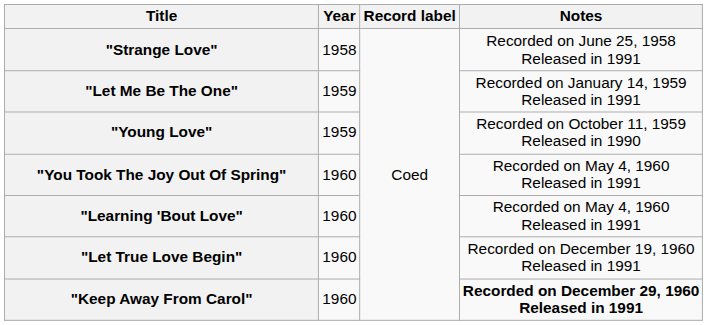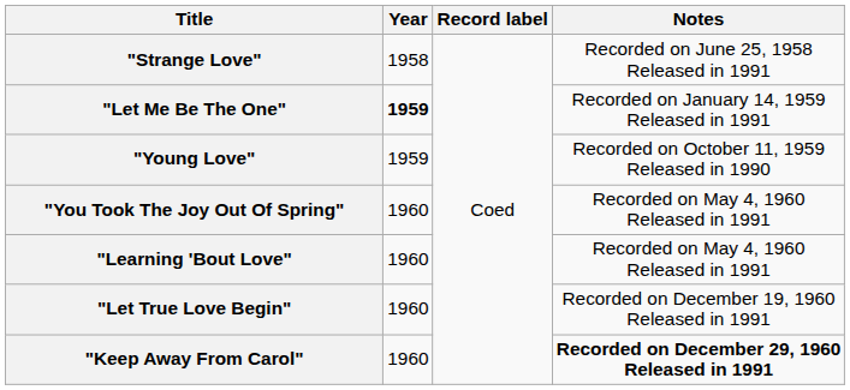 <table class="wikitable plainrowheaders" style="text-align:center;">
 <tr>
 <th scope="col" style="width:20em;">Title</th>
 <th scope="col">Year</th>
 <th scope="col">Record label</th>
 <th scope="col">Notes</th>
 </tr>
 <tr>
 <th scope="row">"Strange Love"</th>
 <td>1958</td>
 <td rowspan="7">Coed</td>
 <td>Recorded on June 25, 1958<br>Released in 1991</td>
 </tr>
 <tr>
 <th scope="row">"Let Me Be The One"</th>
-<td>1959</td>
+<td><strong>1959</strong></td>
 <td>Recorded on January 14, 1959<br>Released in 1991</td>
 </tr>
 <tr>
 <th scope="row">"Young Love"</th>
 <td>1959</td>
 <td>Recorded on October 11, 1959<br>Released in 1990</td>
 </tr>
 <tr>
 <th scope="row">"You Took The Joy Out Of Spring"</th>
 <td>1960</td>
 <td>Recorded on May 4, 1960<br>Released in 1991</td>
 </tr>
 <tr>
 <th scope="row">"Learning 'Bout Love"</th>
 <td>1960</td>
 <td>Recorded on May 4, 1960<br>Released in 1991</td>
 </tr>
 <tr>
 <th scope="row">"Let True Love Begin"</th>
 <td>1960</td>
 <td>Recorded on December 19, 1960<br>Released in 1991</td>
 </tr>
 <tr>
 <th scope="row">"Keep Away From Carol"</th>
 <td>1960</td>
 <td><strong>Recorded on December 29, 1960<br>Released in 1991</strong></td>
 </tr>
 </table>
